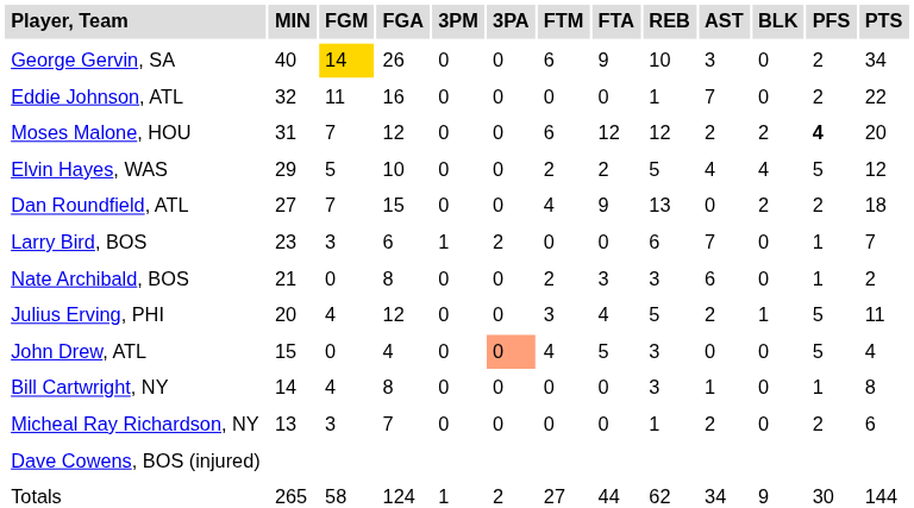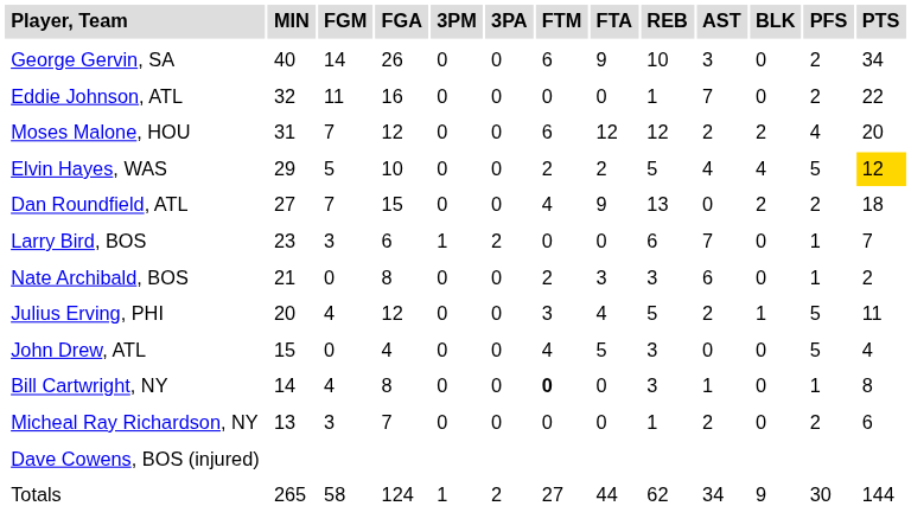 <table cellpadding=5>
 <tr bgcolor="#dddddd">
 <td><strong>Player, Team</strong></td>
 <td><strong>MIN</strong></td>
 <td><strong>FGM</strong></td>
 <td><strong>FGA</strong></td>
 <td><strong>3PM</strong></td>
 <td><strong>3PA</strong></td>
 <td><strong>FTM</strong></td>
 <td><strong>FTA</strong></td>
 <td><strong>REB</strong></td>
 <td><strong>AST</strong></td>
 <td><strong>BLK</strong></td>
 <td><strong>PFS</strong></td>
 <td><strong>PTS</strong></td>
 </tr>
 <tr bgcolor="#eeeeee">
 </tr>
 <tr>
 <td><a href='#'>George Gervin</a>, SA</td>
 <td>40</td>
-<td style="background: gold;">14</td>
+<td>14</td>
 <td>26</td>
 <td>0</td>
 <td>0</td>
 <td>6</td>
 <td>9</td>
 <td>10</td>
 <td>3</td>
 <td>0</td>
 <td>2</td>
 <td>34</td>
 </tr>
 <tr>
 <td><a href='#'>Eddie Johnson</a>, ATL</td>
 <td>32</td>
 <td>11</td>
 <td>16</td>
 <td>0</td>
 <td>0</td>
 <td>0</td>
 <td>0</td>
 <td>1</td>
 <td>7</td>
 <td>0</td>
 <td>2</td>
 <td>22</td>
 </tr>
 <tr>
 <td><a href='#'>Moses Malone</a>, HOU</td>
 <td>31</td>
 <td>7</td>
 <td>12</td>
 <td>0</td>
 <td>0</td>
 <td>6</td>
 <td>12</td>
 <td>12</td>
 <td>2</td>
 <td>2</td>
-<td><strong>4</strong></td>
+<td>4</td>
 <td>20</td>
 </tr>
 <tr>
 <td><a href='#'>Elvin Hayes</a>, WAS</td>
 <td>29</td>
 <td>5</td>
 <td>10</td>
 <td>0</td>
 <td>0</td>
 <td>2</td>
 <td>2</td>
 <td>5</td>
 <td>4</td>
 <td>4</td>
 <td>5</td>
-<td>12</td>
+<td style="background: gold;">12</td>
 </tr>
 <tr>
 <td><a href='#'>Dan Roundfield</a>, ATL</td>
 <td>27</td>
 <td>7</td>
 <td>15</td>
 <td>0</td>
 <td>0</td>
 <td>4</td>
 <td>9</td>
 <td>13</td>
 <td>0</td>
 <td>2</td>
 <td>2</td>
 <td>18</td>
 </tr>
 <tr>
 <td><a href='#'>Larry Bird</a>, BOS</td>
 <td>23</td>
 <td>3</td>
 <td>6</td>
 <td>1</td>
 <td>2</td>
 <td>0</td>
 <td>0</td>
 <td>6</td>
 <td>7</td>
 <td>0</td>
 <td>1</td>
 <td>7</td>
 </tr>
 <tr>
 <td><a href='#'>Nate Archibald</a>, BOS</td>
 <td>21</td>
 <td>0</td>
 <td>8</td>
 <td>0</td>
 <td>0</td>
 <td>2</td>
 <td>3</td>
 <td>3</td>
 <td>6</td>
 <td>0</td>
 <td>1</td>
 <td>2</td>
 </tr>
 <tr>
 <td><a href='#'>Julius Erving</a>, PHI</td>
 <td>20</td>
 <td>4</td>
 <td>12</td>
 <td>0</td>
 <td>0</td>
 <td>3</td>
 <td>4</td>
 <td>5</td>
 <td>2</td>
 <td>1</td>
 <td>5</td>
 <td>11</td>
 </tr>
 <tr>
 <td><a href='#'>John Drew</a>, ATL</td>
 <td>15</td>
 <td>0</td>
 <td>4</td>
 <td>0</td>
-<td style="background: lightsalmon;">0</td>
+<td>0</td>
 <td>4</td>
 <td>5</td>
 <td>3</td>
 <td>0</td>
 <td>0</td>
 <td>5</td>
 <td>4</td>
 </tr>
 <tr>
 <td><a href='#'>Bill Cartwright</a>, NY</td>
 <td>14</td>
 <td>4</td>
 <td>8</td>
 <td>0</td>
 <td>0</td>
-<td>0</td>
+<td><strong>0</strong></td>
 <td>0</td>
 <td>3</td>
 <td>1</td>
 <td>0</td>
 <td>1</td>
 <td>8</td>
 </tr>
 <tr>
 <td><a href='#'>Micheal Ray Richardson</a>, NY</td>
 <td>13</td>
 <td>3</td>
 <td>7</td>
 <td>0</td>
 <td>0</td>
 <td>0</td>
 <td>0</td>
 <td>1</td>
 <td>2</td>
 <td>0</td>
 <td>2</td>
 <td>6</td>
 </tr>
 <tr>
 <td><a href='#'>Dave Cowens</a>, BOS (injured)</td>
 <td></td>
 <td></td>
 <td></td>
 <td></td>
 <td></td>
 <td></td>
 <td></td>
 <td></td>
 <td></td>
 <td></td>
 <td></td>
 <td></td>
 </tr>
 <tr>
 <td>Totals</td>
 <td>265</td>
 <td>58</td>
 <td>124</td>
 <td>1</td>
 <td>2</td>
 <td>27</td>
 <td>44</td>
 <td>62</td>
 <td>34</td>
 <td>9</td>
 <td>30</td>
 <td>144</td>
 </tr>
 <tr>
 </tr>
 </table>
